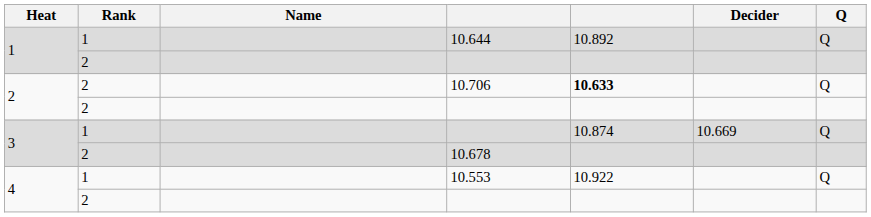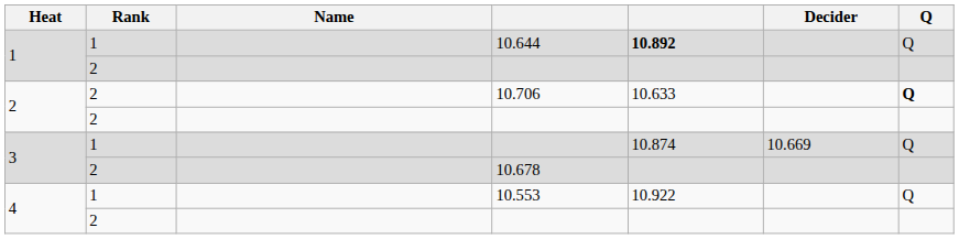 <table class="wikitable" width=75%>
 <tr>
 <th width=20>Heat</th>
 <th width=20>Rank</th>
 <th width=150>Name</th>
 <th width=60></th>
 <th width=60></th>
 <th width=60>Decider</th>
 <th width=20>Q</th>
 </tr>
 <tr bgcolor=dcdcdc>
 <td rowspan=2>1</td>
 <td>1</td>
 <td></td>
 <td>10.644</td>
-<td>10.892</td>
+<td><strong>10.892</strong></td>
 <td></td>
 <td>Q</td>
 </tr>
 <tr bgcolor=dcdcdc>
 <td>2</td>
 <td></td>
 <td></td>
 <td></td>
 <td></td>
 <td></td>
 </tr>
 <tr>
 <td rowspan=2>2</td>
 <td>2</td>
 <td></td>
 <td>10.706</td>
-<td><strong>10.633</strong></td>
+<td>10.633</td>
 <td></td>
-<td>Q</td>
+<td><strong>Q</strong></td>
 </tr>
 <tr>
 <td>2</td>
 <td></td>
 <td></td>
 <td></td>
 <td></td>
 <td></td>
 </tr>
 <tr bgcolor=dcdcdc>
 <td rowspan=2>3</td>
 <td>1</td>
 <td></td>
 <td></td>
 <td>10.874</td>
 <td>10.669</td>
 <td>Q</td>
 </tr>
 <tr bgcolor=dcdcdc>
 <td>2</td>
 <td></td>
 <td>10.678</td>
 <td></td>
 <td></td>
 <td></td>
 </tr>
 <tr>
 <td rowspan=2>4</td>
 <td>1</td>
 <td></td>
 <td>10.553</td>
 <td>10.922</td>
 <td></td>
 <td>Q</td>
 </tr>
 <tr>
 <td>2</td>
 <td></td>
 <td></td>
 <td></td>
 <td></td>
 <td></td>
 </tr>
 </table>
